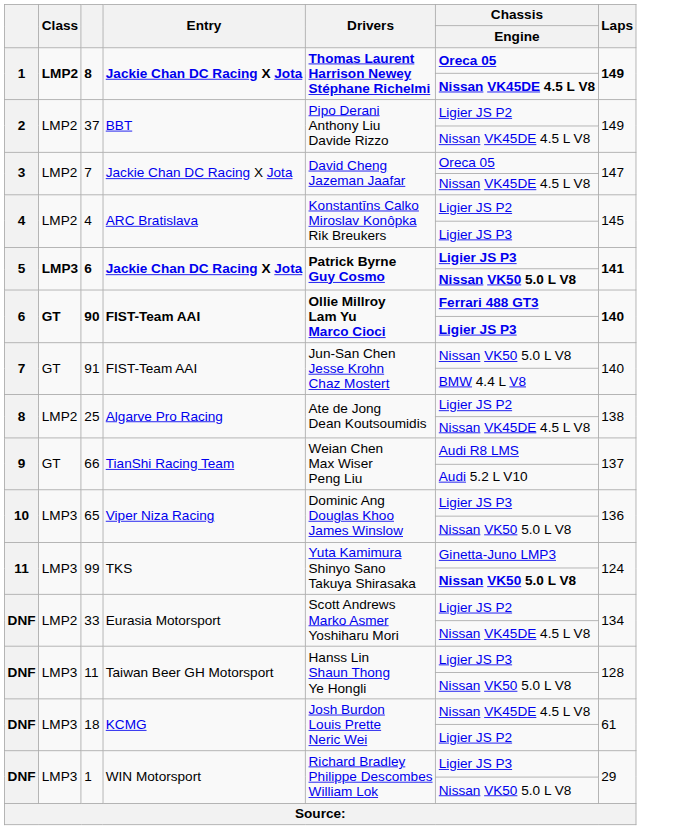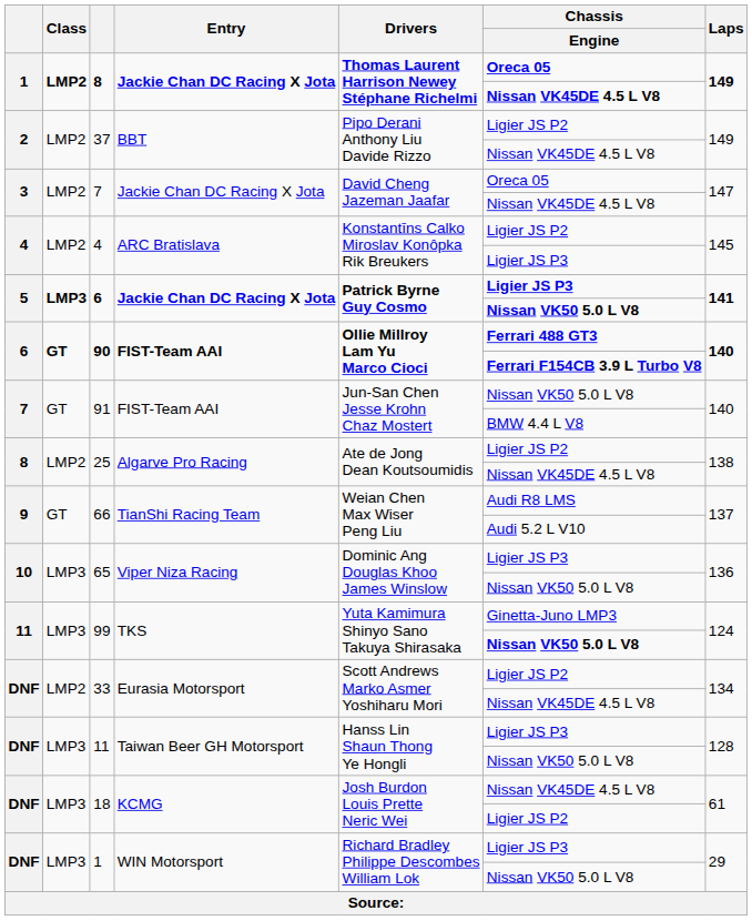 <table class="wikitable">
 <tr>
 <th rowspan="2"></th>
 <th rowspan="2">Class</th>
 <th rowspan="2"></th>
 <th rowspan="2">Entry</th>
 <th rowspan="2">Drivers</th>
 <th>Chassis</th>
 <th rowspan="2">Laps</th>
 </tr>
 <tr>
 <th>Engine</th>
 </tr>
 <tr>
 <th rowspan="2">1</th>
 <td rowspan="2"><strong>LMP2</strong></td>
 <td rowspan="2"><strong>8</strong></td>
 <td rowspan="2"><strong> <a href='#'>Jackie Chan DC Racing</a> X <a href='#'>Jota</a></strong></td>
 <td rowspan="2"><strong> <a href='#'>Thomas Laurent</a><br> <a href='#'>Harrison Newey</a><br> <a href='#'>Stéphane Richelmi</a></strong></td>
 <td><strong><a href='#'>Oreca 05</a></strong></td>
 <td rowspan="2"><strong>149</strong></td>
 </tr>
 <tr>
 <td><strong><a href='#'>Nissan</a> <a href='#'>VK45DE</a> 4.5 L V8</strong></td>
 </tr>
 <tr>
 <th rowspan="2">2</th>
 <td rowspan="2">LMP2</td>
 <td rowspan="2">37</td>
 <td rowspan="2"> <a href='#'>BBT</a></td>
 <td rowspan="2"> <a href='#'>Pipo Derani</a><br> Anthony Liu<br> Davide Rizzo</td>
 <td><a href='#'>Ligier JS P2</a></td>
 <td rowspan="2">149</td>
 </tr>
 <tr>
 <td><a href='#'>Nissan</a> <a href='#'>VK45DE</a> 4.5 L V8</td>
 </tr>
 <tr>
 <th rowspan="2">3</th>
 <td rowspan="2">LMP2</td>
 <td rowspan="2">7</td>
 <td rowspan="2"> <a href='#'>Jackie Chan DC Racing</a> X <a href='#'>Jota</a></td>
 <td rowspan="2"> <a href='#'>David Cheng</a><br> <a href='#'>Jazeman Jaafar</a></td>
 <td><a href='#'>Oreca 05</a></td>
 <td rowspan="2">147</td>
 </tr>
 <tr>
 <td><a href='#'>Nissan</a> <a href='#'>VK45DE</a> 4.5 L V8</td>
 </tr>
 <tr>
 <th rowspan="2">4</th>
 <td rowspan="2">LMP2</td>
 <td rowspan="2">4</td>
 <td rowspan="2"> <a href='#'>ARC Bratislava</a></td>
 <td rowspan="2"> <a href='#'>Konstantīns Calko</a><br> <a href='#'>Miroslav Konôpka</a><br> Rik Breukers</td>
 <td><a href='#'>Ligier JS P2</a></td>
 <td rowspan="2">145</td>
 </tr>
 <tr>
 <td><a href='#'>Ligier JS P3</a></td>
 </tr>
 <tr>
 <th rowspan="2">5</th>
 <td rowspan="2"><strong>LMP3</strong></td>
 <td rowspan="2"><strong>6</strong></td>
 <td rowspan="2"><strong> <a href='#'>Jackie Chan DC Racing</a> X <a href='#'>Jota</a></strong></td>
 <td rowspan="2"><strong> Patrick Byrne<br> <a href='#'>Guy Cosmo</a></strong></td>
 <td><strong><a href='#'>Ligier JS P3</a></strong></td>
 <td rowspan="2"><strong>141</strong></td>
 </tr>
 <tr>
 <td><strong><a href='#'>Nissan</a> <a href='#'>VK50</a> 5.0 L V8</strong></td>
 </tr>
 <tr>
 <th rowspan="2">6</th>
 <td rowspan="2"><strong>GT</strong></td>
 <td rowspan="2"><strong>90</strong></td>
 <td rowspan="2"><strong> FIST-Team AAI</strong></td>
 <td rowspan="2"><strong> Ollie Millroy<br> Lam Yu<br> <a href='#'>Marco Cioci</a></strong></td>
 <td><a href='#'><strong>Ferrari 488 GT3</strong></a></td>
 <td rowspan="2"><strong>140</strong></td>
 </tr>
 <tr>
-<td><strong><a href='#'>Ligier JS P3</a></strong></td>
+<td><strong><a href='#'>Ferrari F154CB</a> 3.9 L <a href='#'>Turbo</a> <a href='#'>V8</a></strong></td>
 </tr>
 <tr>
 <th rowspan="2">7</th>
 <td rowspan="2">GT</td>
 <td rowspan="2">91</td>
 <td rowspan="2"> FIST-Team AAI</td>
 <td rowspan="2"> Jun-San Chen<br> <a href='#'>Jesse Krohn</a><br> <a href='#'>Chaz Mostert</a></td>
 <td><a href='#'>Nissan</a> <a href='#'>VK50</a> 5.0 L V8</td>
 <td rowspan="2">140</td>
 </tr>
 <tr>
 <td><a href='#'>BMW</a> 4.4 L <a href='#'>V8</a></td>
 </tr>
 <tr>
 <th rowspan="2">8</th>
 <td rowspan="2">LMP2</td>
 <td rowspan="2">25</td>
 <td rowspan="2"> <a href='#'>Algarve Pro Racing</a></td>
 <td rowspan="2"> Ate de Jong<br> Dean Koutsoumidis</td>
 <td><a href='#'>Ligier JS P2</a></td>
 <td rowspan="2">138</td>
 </tr>
 <tr>
 <td><a href='#'>Nissan</a> <a href='#'>VK45DE</a> 4.5 L V8</td>
 </tr>
 <tr>
 <th rowspan="2">9</th>
 <td rowspan="2">GT</td>
 <td rowspan="2">66</td>
 <td rowspan="2"> <a href='#'>TianShi Racing Team</a></td>
 <td rowspan="2"> Weian Chen<br> Max Wiser<br> Peng Liu</td>
 <td><a href='#'>Audi R8 LMS</a></td>
 <td rowspan="2">137</td>
 </tr>
 <tr>
 <td><a href='#'>Audi</a> 5.2 L V10</td>
 </tr>
 <tr>
 <th rowspan="2">10</th>
 <td rowspan="2">LMP3</td>
 <td rowspan="2">65</td>
 <td rowspan="2"> <a href='#'>Viper Niza Racing</a></td>
 <td rowspan="2"> Dominic Ang<br> <a href='#'>Douglas Khoo</a><br> <a href='#'>James Winslow</a></td>
 <td><a href='#'>Ligier JS P3</a></td>
 <td rowspan="2">136</td>
 </tr>
 <tr>
 <td><a href='#'>Nissan</a> <a href='#'>VK50</a> 5.0 L V8</td>
 </tr>
 <tr>
 <th rowspan="2">11</th>
 <td rowspan="2">LMP3</td>
 <td rowspan="2">99</td>
 <td rowspan="2"> TKS</td>
 <td rowspan="2"> <a href='#'>Yuta Kamimura</a><br> Shinyo Sano<br> Takuya Shirasaka</td>
 <td><a href='#'>Ginetta-Juno LMP3</a></td>
 <td rowspan="2">124</td>
 </tr>
 <tr>
 <td><strong><a href='#'>Nissan</a> <a href='#'>VK50</a> 5.0 L V8</strong></td>
 </tr>
 <tr>
 <th rowspan="2">DNF</th>
 <td rowspan="2">LMP2</td>
 <td rowspan="2">33</td>
 <td rowspan="2"> Eurasia Motorsport</td>
 <td rowspan="2"> Scott Andrews<br> <a href='#'>Marko Asmer</a><br> Yoshiharu Mori</td>
 <td><a href='#'>Ligier JS P2</a></td>
 <td rowspan="2">134</td>
 </tr>
 <tr>
 <td><a href='#'>Nissan</a> <a href='#'>VK45DE</a> 4.5 L V8</td>
 </tr>
 <tr>
 <th rowspan="2">DNF</th>
 <td rowspan="2">LMP3</td>
 <td rowspan="2">11</td>
 <td rowspan="2"> Taiwan Beer GH Motorsport</td>
 <td rowspan="2"> Hanss Lin<br> <a href='#'>Shaun Thong</a><br> Ye Hongli</td>
 <td><a href='#'>Ligier JS P3</a></td>
 <td rowspan="2">128</td>
 </tr>
 <tr>
 <td><a href='#'>Nissan</a> <a href='#'>VK50</a> 5.0 L V8</td>
 </tr>
 <tr>
 <th rowspan="2">DNF</th>
 <td rowspan="2">LMP3</td>
 <td rowspan="2">18</td>
 <td rowspan="2"> <a href='#'>KCMG</a></td>
 <td rowspan="2"> <a href='#'>Josh Burdon</a><br> <a href='#'>Louis Prette</a><br> <a href='#'>Neric Wei</a></td>
 <td><a href='#'>Nissan</a> <a href='#'>VK45DE</a> 4.5 L V8</td>
 <td rowspan="2">61</td>
 </tr>
 <tr>
 <td><a href='#'>Ligier JS P2</a></td>
 </tr>
 <tr>
 <th rowspan="2">DNF</th>
 <td rowspan="2">LMP3</td>
 <td rowspan="2">1</td>
 <td rowspan="2"> WIN Motorsport</td>
 <td rowspan="2"> <a href='#'>Richard Bradley</a><br> <a href='#'>Philippe Descombes</a><br> <a href='#'>William Lok</a></td>
 <td><a href='#'>Ligier JS P3</a></td>
 <td rowspan="2">29</td>
 </tr>
 <tr>
 <td><a href='#'>Nissan</a> <a href='#'>VK50</a> 5.0 L V8</td>
 </tr>
 <tr>
 <th colspan="7">Source:</th>
 </tr>
 </table>
